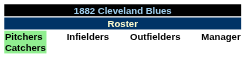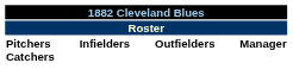 <table class="toccolours" style="font-size: 95%;">
 <tr>
 <th colspan="10" style="background-color: #000000; color: #9ECEEE; text-align: center;">1882 Cleveland Blues</th>
 </tr>
 <tr>
 <td colspan="10" style="background-color: #003366; color: #FFFDD0; text-align: center;"><strong>Roster</strong></td>
 </tr>
 <tr>
-<td valign="top" style="background: lightgreen;"><strong>Pitchers</strong><br>  <strong>Catchers</strong>   </td>
+<td valign="top"><strong>Pitchers</strong><br>  <strong>Catchers</strong>   </td>
 <td width="25px"></td>
 <td valign="top"><strong>Infielders</strong><br>    </td>
 <td width="25px"></td>
 <td valign="top"><strong>Outfielders</strong><br>       </td>
 <td width="25px"></td>
 <td valign="top"><strong>Manager</strong><br> </td>
 </tr>
 </table>
